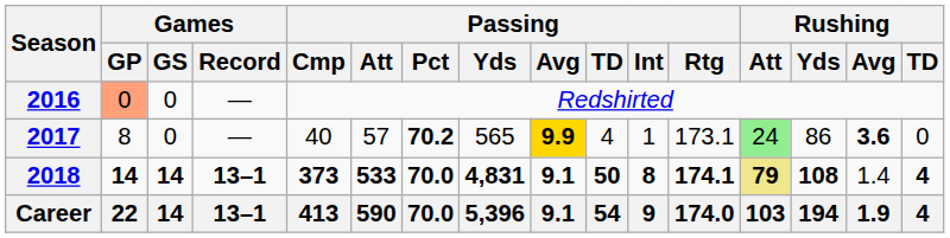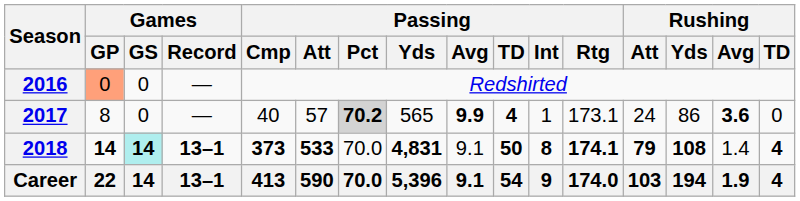 <table class="wikitable" style="text-align:center;">
 <tr>
 <th rowspan="2">Season</th>
 <th colspan="3">Games</th>
 <th colspan="8">Passing</th>
 <th colspan="5">Rushing</th>
 </tr>
 <tr>
 <th>GP</th>
 <th>GS</th>
 <th>Record</th>
 <th>Cmp</th>
 <th>Att</th>
 <th>Pct</th>
 <th>Yds</th>
 <th>Avg</th>
 <th>TD</th>
 <th>Int</th>
 <th>Rtg</th>
 <th>Att</th>
 <th>Yds</th>
 <th>Avg</th>
 <th>TD</th>
 </tr>
 <tr>
 <th><a href='#'>2016</a></th>
 <td style="background: lightsalmon;">0</td>
 <td>0</td>
 <td>—</td>
 <td colspan="12"> <em><a href='#'>Redshirted</a></em></td>
 </tr>
 <tr>
 <th><a href='#'>2017</a></th>
 <td>8</td>
 <td>0</td>
 <td>—</td>
 <td>40</td>
 <td>57</td>
-<td><strong>70.2</strong></td>
+<td style="background: lightgrey;"><strong>70.2</strong></td>
 <td>565</td>
-<td style="background: gold;"><strong>9.9</strong></td>
-<td>4</td>
+<td><strong>9.9</strong></td>
+<td><strong>4</strong></td>
 <td>1</td>
 <td>173.1</td>
-<td style="background: lightgreen;">24</td>
+<td>24</td>
 <td>86</td>
 <td><strong>3.6</strong></td>
 <td>0</td>
 </tr>
 <tr>
 <th><a href='#'>2018</a></th>
 <td><strong>14</strong></td>
-<td><strong>14</strong></td>
+<td style="background: paleturquoise;"><strong>14</strong></td>
 <td><strong>13–1</strong></td>
 <td><strong>373</strong></td>
 <td><strong>533</strong></td>
-<td><strong>70.0</strong></td>
+<td>70.0</td>
 <td><strong>4,831</strong></td>
-<td><strong>9.1</strong></td>
+<td>9.1</td>
 <td><strong>50</strong></td>
 <td><strong>8</strong></td>
 <td><strong>174.1</strong></td>
-<td style="background: khaki;"><strong>79</strong></td>
+<td><strong>79</strong></td>
 <td><strong>108</strong></td>
 <td>1.4</td>
 <td><strong>4</strong></td>
 </tr>
 <tr>
 <th>Career</th>
 <th>22</th>
 <th>14</th>
 <th>13–1</th>
 <th>413</th>
 <th>590</th>
 <th>70.0</th>
 <th>5,396</th>
 <th>9.1</th>
 <th>54</th>
 <th>9</th>
 <th>174.0</th>
 <th>103</th>
 <th>194</th>
 <th>1.9</th>
 <th>4</th>
 </tr>
 </table>
